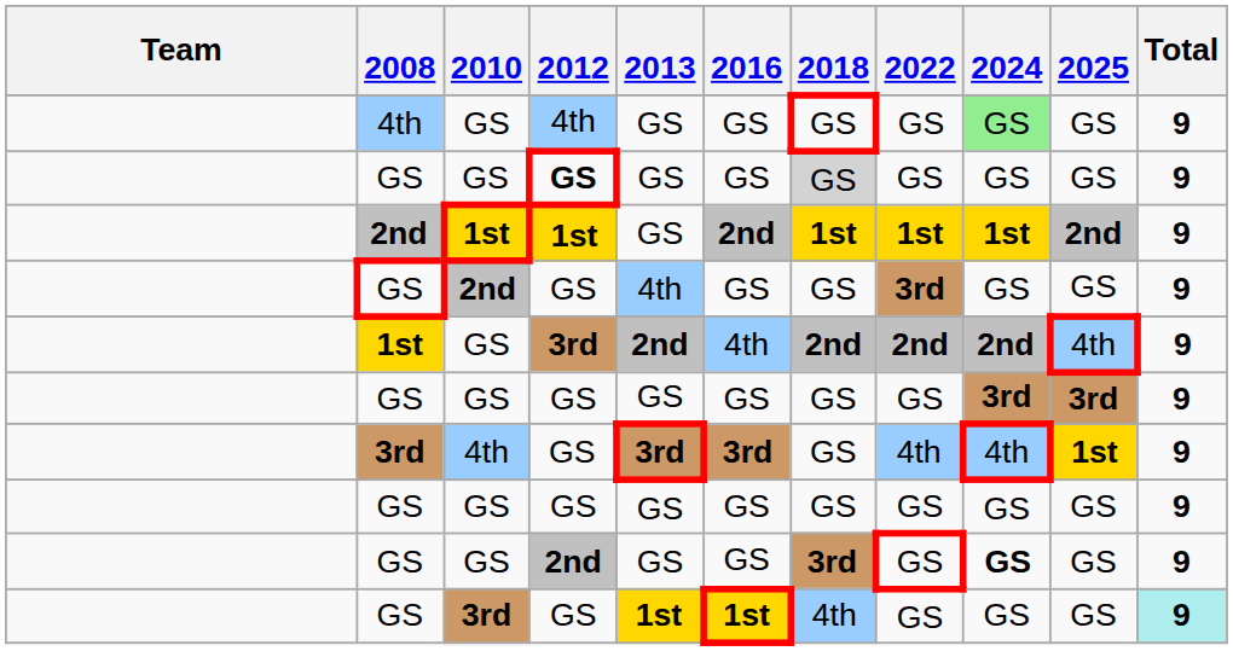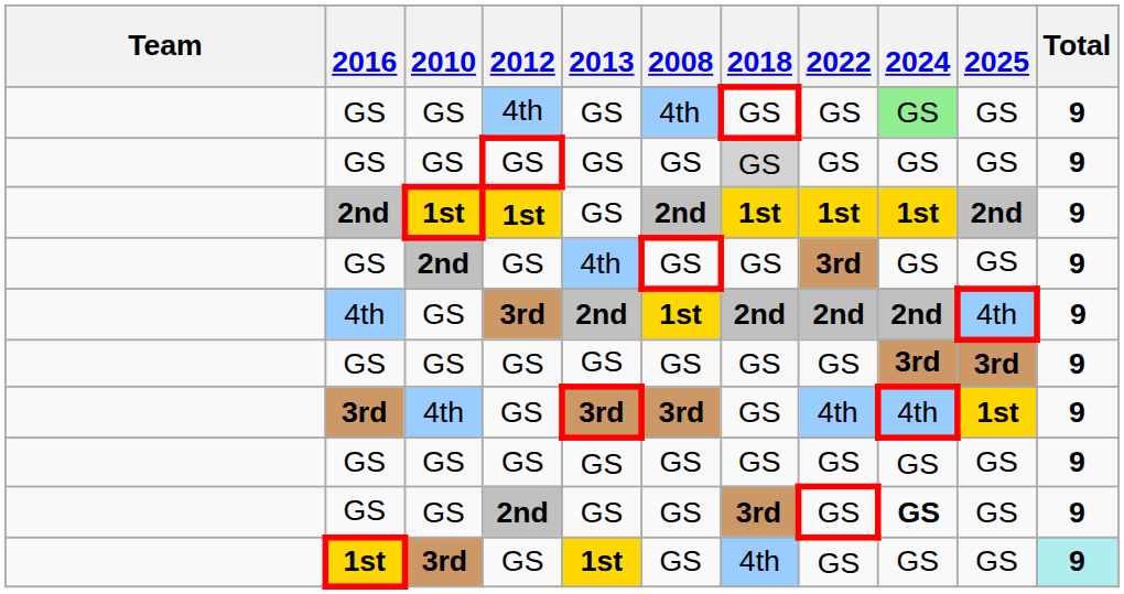 <table class="wikitable" style="text-align:center; font-size:90%">
 <tr>
 <th width=150>Team</th>
-<th><br><a href='#'>2008</a></th>
+<th><br><a href='#'>2016</a></th>
 <th><br><a href='#'>2010</a></th>
 <th><br><a href='#'>2012</a></th>
 <th><br><a href='#'>2013</a></th>
-<th><br><a href='#'>2016</a></th>
+<th><br><a href='#'>2008</a></th>
 <th><br><a href='#'>2018</a></th>
 <th><br><a href='#'>2022</a></th>
 <th><br><a href='#'>2024</a></th>
 <th><br><a href='#'>2025</a></th>
 <th>Total</th>
 </tr>
 <tr>
 <td align=left></td>
+<td>GS</td>
+<td>GS</td>
 <td bgcolor=#9acdff>4th</td>
 <td>GS</td>
 <td bgcolor=#9acdff>4th</td>
-<td>GS</td>
-<td>GS</td>
 <td style="border: 3px solid red">GS</td>
 <td>GS</td>
 <td style="background: lightgreen;">GS</td>
 <td>GS</td>
 <td><strong>9</strong></td>
 </tr>
 <tr>
 <td align=left></td>
 <td>GS</td>
 <td>GS</td>
-<td style="border: 3px solid red"><strong>GS</strong></td>
+<td style="border: 3px solid red">GS</td>
 <td>GS</td>
 <td>GS</td>
 <td style="background: lightgrey;">GS</td>
 <td>GS</td>
 <td>GS</td>
 <td>GS</td>
 <td><strong>9</strong></td>
 </tr>
 <tr>
 <td align=left></td>
 <td bgcolor=Silver><strong>2nd</strong></td>
 <td style="border: 3px solid red" bgcolor=Gold><strong>1st</strong></td>
 <td bgcolor=Gold><strong>1st</strong></td>
 <td>GS</td>
 <td bgcolor=Silver><strong>2nd</strong></td>
 <td bgcolor=Gold><strong>1st</strong></td>
 <td bgcolor=Gold><strong>1st</strong></td>
 <td bgcolor=Gold><strong>1st</strong></td>
 <td bgcolor=Silver><strong>2nd</strong></td>
 <td><strong>9</strong></td>
 </tr>
 <tr>
 <td align=left></td>
-<td style="border: 3px solid red">GS</td>
+<td>GS</td>
 <td bgcolor=Silver><strong>2nd</strong></td>
 <td>GS</td>
 <td bgcolor=#9acdff>4th</td>
-<td>GS</td>
+<td style="border: 3px solid red">GS</td>
 <td>GS</td>
 <td bgcolor=#cc9966><strong>3rd</strong></td>
 <td>GS</td>
 <td>GS</td>
 <td><strong>9</strong></td>
 </tr>
 <tr>
 <td align=left></td>
-<td bgcolor=Gold><strong>1st</strong></td>
+<td bgcolor=#9acdff>4th</td>
 <td>GS</td>
 <td bgcolor=#cc9966><strong>3rd</strong></td>
 <td bgcolor=Silver><strong>2nd</strong></td>
-<td bgcolor=#9acdff>4th</td>
+<td bgcolor=Gold><strong>1st</strong></td>
 <td bgcolor=Silver><strong>2nd</strong></td>
 <td bgcolor=Silver><strong>2nd</strong></td>
 <td bgcolor=Silver><strong>2nd</strong></td>
 <td style="border: 3px solid red" bgcolor=#9acdff>4th</td>
 <td><strong>9</strong></td>
 </tr>
 <tr>
 <td align=left></td>
 <td>GS</td>
 <td>GS</td>
 <td>GS</td>
 <td>GS</td>
 <td>GS</td>
 <td>GS</td>
 <td>GS</td>
 <td bgcolor=#cc9966><strong>3rd</strong></td>
 <td bgcolor=#cc9966><strong>3rd</strong></td>
 <td><strong>9</strong></td>
 </tr>
 <tr>
 <td align=left></td>
 <td bgcolor=#cc9966><strong>3rd</strong></td>
 <td bgcolor=#9acdff>4th</td>
 <td>GS</td>
 <td style="border: 3px solid red" bgcolor=#cc9966><strong>3rd</strong></td>
 <td bgcolor=#cc9966><strong>3rd</strong></td>
 <td>GS</td>
 <td bgcolor=#9acdff>4th</td>
 <td style="border: 3px solid red" bgcolor=#9acdff>4th</td>
 <td bgcolor=Gold><strong>1st</strong></td>
 <td><strong>9</strong></td>
 </tr>
 <tr>
 <td align=left></td>
 <td>GS</td>
 <td>GS</td>
 <td>GS</td>
 <td>GS</td>
 <td>GS</td>
 <td>GS</td>
 <td>GS</td>
 <td>GS</td>
 <td>GS</td>
 <td><strong>9</strong></td>
 </tr>
 <tr>
 <td align=left></td>
 <td>GS</td>
 <td>GS</td>
 <td bgcolor=Silver><strong>2nd</strong></td>
 <td>GS</td>
 <td>GS</td>
 <td bgcolor=#cc9966><strong>3rd</strong></td>
 <td style="border: 3px solid red">GS</td>
 <td><strong>GS</strong></td>
 <td>GS</td>
 <td><strong>9</strong></td>
 </tr>
 <tr>
 <td align=left></td>
-<td>GS</td>
+<td style="border: 3px solid red" bgcolor=Gold><strong>1st</strong></td>
 <td bgcolor=#cc9966><strong>3rd</strong></td>
 <td>GS</td>
 <td bgcolor=Gold><strong>1st</strong></td>
-<td style="border: 3px solid red" bgcolor=Gold><strong>1st</strong></td>
+<td>GS</td>
 <td bgcolor=#9acdff>4th</td>
 <td>GS</td>
 <td>GS</td>
 <td>GS</td>
 <td style="background: paleturquoise;"><strong>9</strong></td>
 </tr>
 </table>
